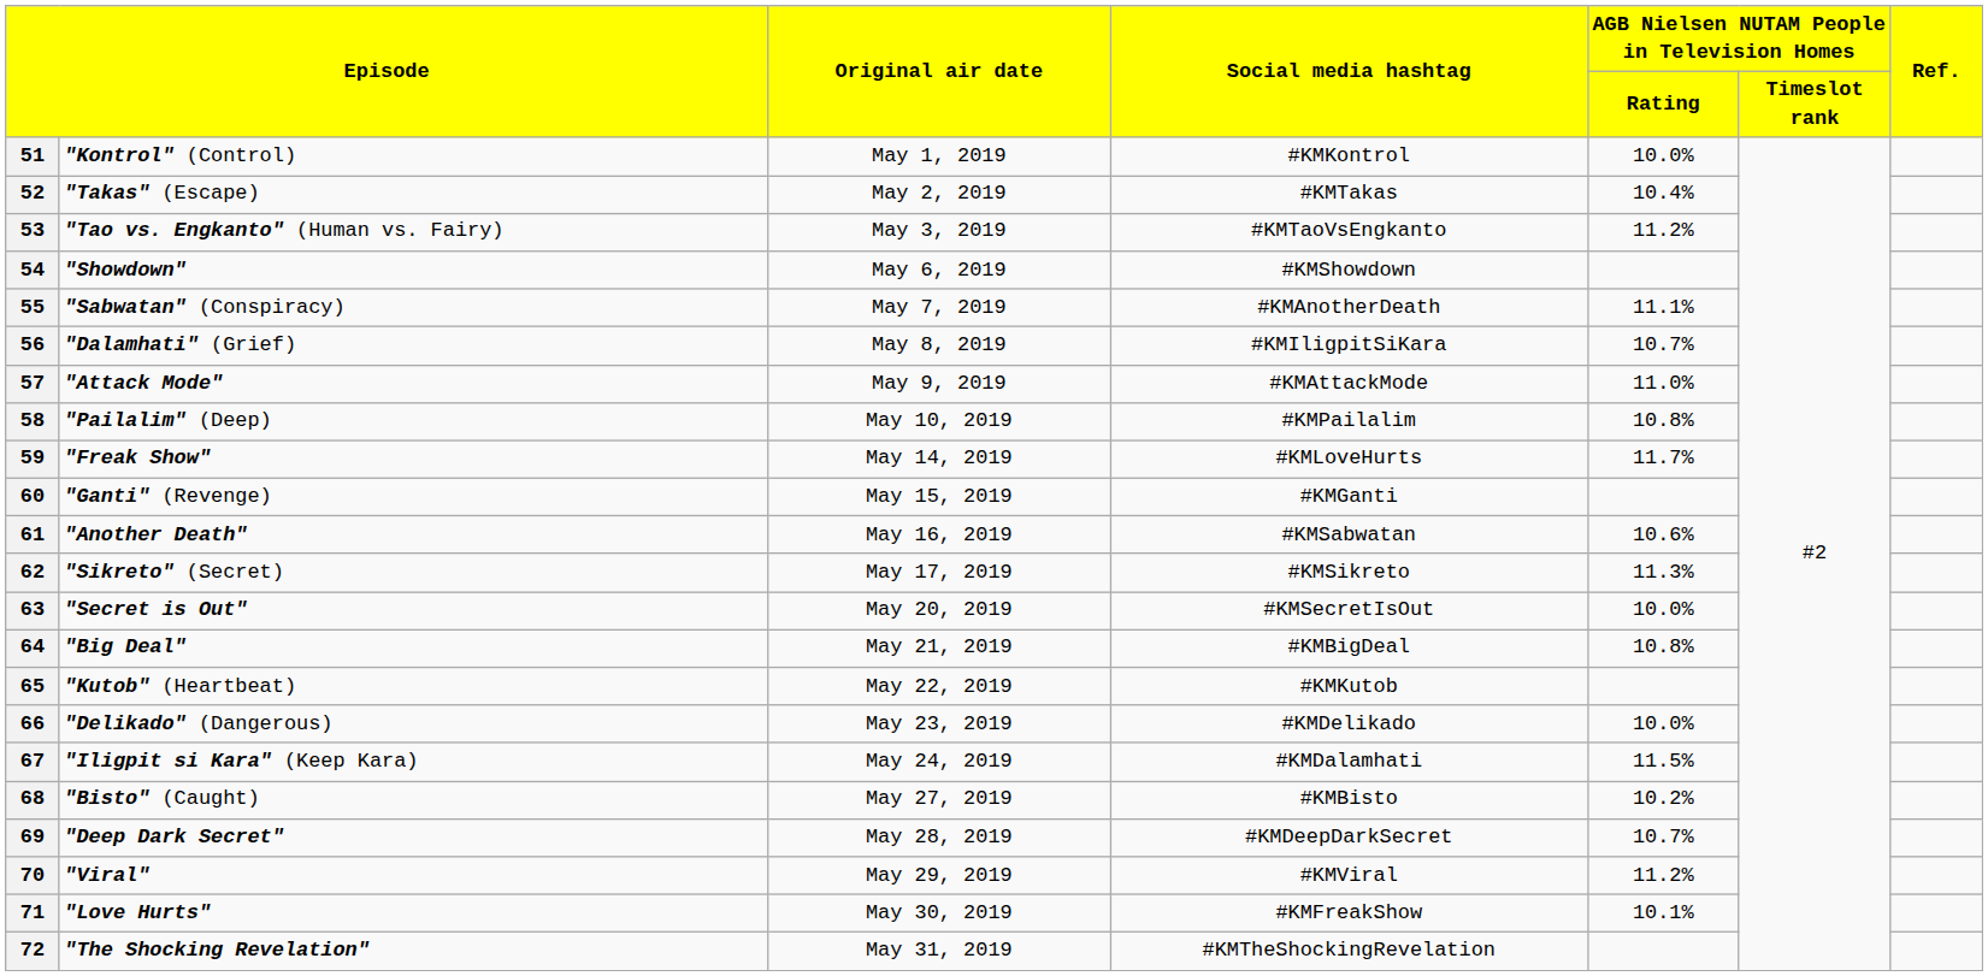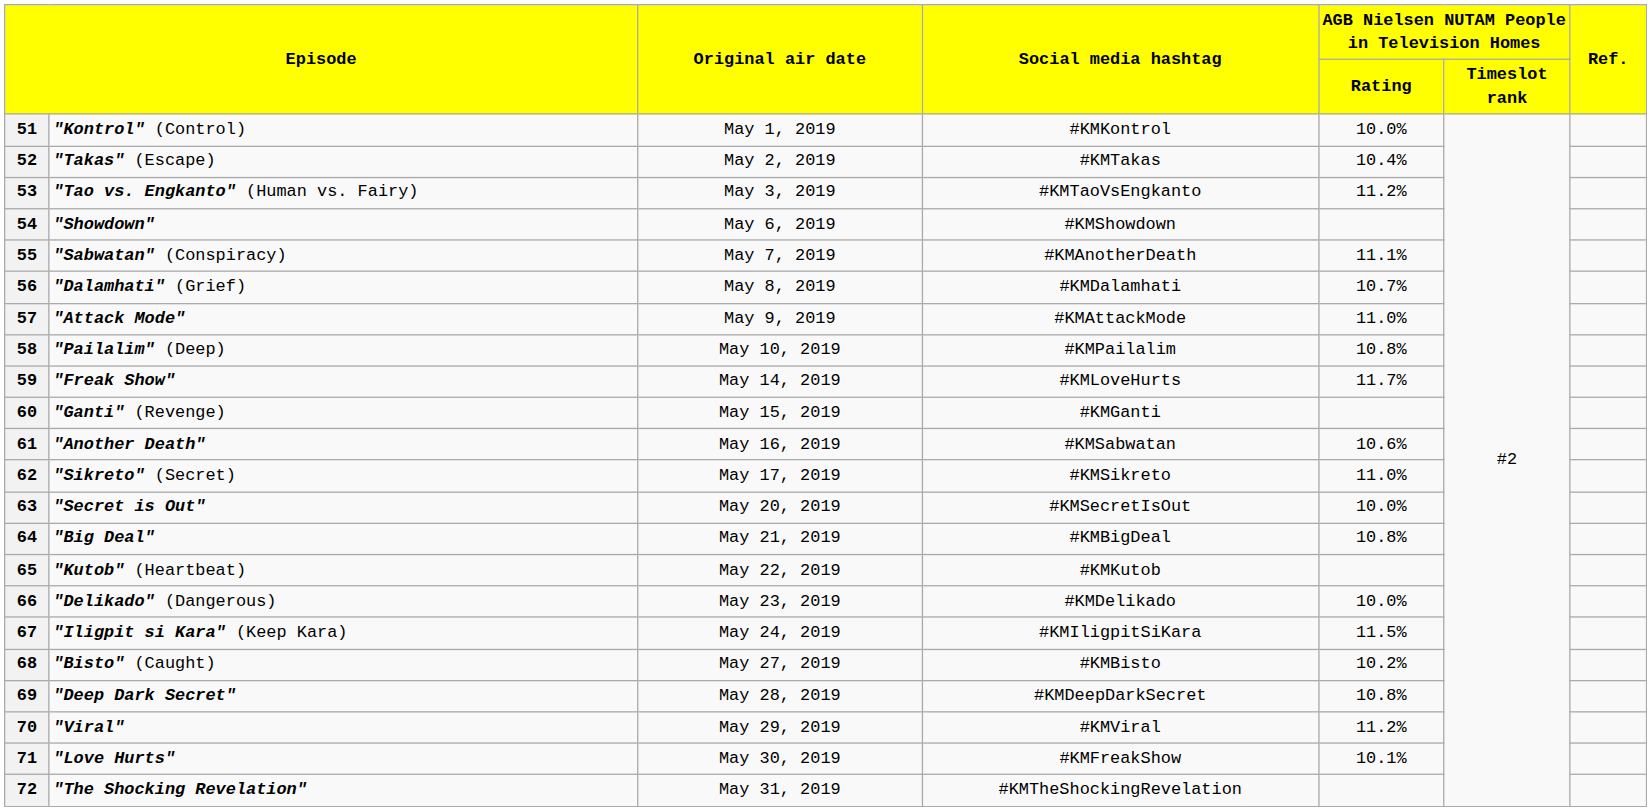 <table class="wikitable" style="text-align:center; font-size:100%; line-height:18px; width:100%">
 <tr>
 <th style="background-color:#FFFF00; color:#000000;" colspan="2" rowspan="2">Episode</th>
 <th style="background-color:#FFFF00; color:#000000;" rowspan="2">Original air date</th>
 <th style="background-color:#FFFF00; color:black" rowspan="2">Social media hashtag</th>
 <th style="background-color:#FFFF00; color:#000000;" colspan="2">AGB Nielsen NUTAM People in Television Homes</th>
 <th style="background-color:#FFFF00;  color:#000000;" rowspan="2">Ref.</th>
 </tr>
 <tr>
 <th style="background-color:#FFFF00; width:75px; color:#000000;">Rating</th>
 <th style="background-color:#FFFF00; width:75px; color:#000000;">Timeslot<br>rank</th>
 </tr>
 <tr>
 <th>51</th>
 <td style="text-align: left;"><strong><em>"Kontrol"</em></strong> (Control)</td>
 <td>May 1, 2019</td>
 <td>#KMKontrol</td>
 <td>10.0%</td>
 <td rowspan="22">#2</td>
 <td></td>
 </tr>
 <tr>
 <th>52</th>
 <td style="text-align: left;"><strong><em>"Takas"</em></strong> (Escape)</td>
 <td>May 2, 2019</td>
 <td>#KMTakas</td>
 <td>10.4%</td>
 <td></td>
 </tr>
 <tr>
 <th>53</th>
 <td style="text-align: left;"><strong><em>"Tao vs. Engkanto"</em></strong> (Human vs. Fairy)</td>
 <td>May 3, 2019</td>
 <td>#KMTaoVsEngkanto</td>
 <td>11.2%</td>
 <td></td>
 </tr>
 <tr>
 <th>54</th>
 <td style="text-align: left;"><strong><em>"Showdown"</em></strong></td>
 <td>May 6, 2019</td>
 <td>#KMShowdown</td>
 <td></td>
 <td></td>
 </tr>
 <tr>
 <th>55</th>
 <td style="text-align: left;"><strong><em>"Sabwatan"</em></strong> (Conspiracy)</td>
 <td>May 7, 2019</td>
 <td>#KMAnotherDeath</td>
 <td>11.1%</td>
 <td></td>
 </tr>
 <tr>
 <th>56</th>
 <td style="text-align: left;"><strong><em>"Dalamhati"</em></strong> (Grief)</td>
 <td>May 8, 2019</td>
-<td>#KMIligpitSiKara</td>
+<td>#KMDalamhati</td>
 <td>10.7%</td>
 <td></td>
 </tr>
 <tr>
 <th>57</th>
 <td style="text-align: left;"><strong><em>"Attack Mode"</em></strong></td>
 <td>May 9, 2019</td>
 <td>#KMAttackMode</td>
 <td>11.0%</td>
 <td></td>
 </tr>
 <tr>
 <th>58</th>
 <td style="text-align: left;"><strong><em>"Pailalim"</em></strong> (Deep)</td>
 <td>May 10, 2019</td>
 <td>#KMPailalim</td>
 <td>10.8%</td>
 <td></td>
 </tr>
 <tr>
 <th>59</th>
 <td style="text-align: left;"><strong><em>"Freak Show"</em></strong></td>
 <td>May 14, 2019</td>
 <td>#KMLoveHurts</td>
 <td>11.7%</td>
 <td></td>
 </tr>
 <tr>
 <th>60</th>
 <td style="text-align: left;"><strong><em>"Ganti"</em></strong> (Revenge)</td>
 <td>May 15, 2019</td>
 <td>#KMGanti</td>
 <td></td>
 <td></td>
 </tr>
 <tr>
 <th>61</th>
 <td style="text-align: left;"><strong><em>"Another Death"</em></strong></td>
 <td>May 16, 2019</td>
 <td>#KMSabwatan</td>
 <td>10.6%</td>
 <td></td>
 </tr>
 <tr>
 <th>62</th>
 <td style="text-align: left;"><strong><em>"Sikreto"</em></strong> (Secret)</td>
 <td>May 17, 2019</td>
 <td>#KMSikreto</td>
-<td>11.3%</td>
+<td>11.0%</td>
 <td></td>
 </tr>
 <tr>
 <th>63</th>
 <td style="text-align: left;"><strong><em>"Secret is Out"</em></strong></td>
 <td>May 20, 2019</td>
 <td>#KMSecretIsOut</td>
 <td>10.0%</td>
 <td></td>
 </tr>
 <tr>
 <th>64</th>
 <td style="text-align: left;"><strong><em>"Big Deal"</em></strong></td>
 <td>May 21, 2019</td>
 <td>#KMBigDeal</td>
 <td>10.8%</td>
 <td></td>
 </tr>
 <tr>
 <th>65</th>
 <td style="text-align: left;"><strong><em>"Kutob"</em></strong> (Heartbeat)</td>
 <td>May 22, 2019</td>
 <td>#KMKutob</td>
 <td></td>
 <td></td>
 </tr>
 <tr>
 <th>66</th>
 <td style="text-align: left;"><strong><em>"Delikado"</em></strong> (Dangerous)</td>
 <td>May 23, 2019</td>
 <td>#KMDelikado</td>
 <td>10.0%</td>
 <td></td>
 </tr>
 <tr>
 <th>67</th>
 <td style="text-align: left;"><strong><em>"Iligpit si Kara"</em></strong> (Keep Kara)</td>
 <td>May 24, 2019</td>
-<td>#KMDalamhati</td>
+<td>#KMIligpitSiKara</td>
 <td>11.5%</td>
 <td></td>
 </tr>
 <tr>
 <th>68</th>
 <td style="text-align: left;"><strong><em>"Bisto"</em></strong> (Caught)</td>
 <td>May 27, 2019</td>
 <td>#KMBisto</td>
 <td>10.2%</td>
 <td></td>
 </tr>
 <tr>
 <th>69</th>
 <td style="text-align: left;"><strong><em>"Deep Dark Secret"</em></strong></td>
 <td>May 28, 2019</td>
 <td>#KMDeepDarkSecret</td>
-<td>10.7%</td>
+<td>10.8%</td>
 <td></td>
 </tr>
 <tr>
 <th>70</th>
 <td style="text-align: left;"><strong><em>"Viral"</em></strong></td>
 <td>May 29, 2019</td>
 <td>#KMViral</td>
 <td>11.2%</td>
 <td></td>
 </tr>
 <tr>
 <th>71</th>
 <td style="text-align: left;"><strong><em>"Love Hurts"</em></strong></td>
 <td>May 30, 2019</td>
 <td>#KMFreakShow</td>
 <td>10.1%</td>
 <td></td>
 </tr>
 <tr>
 <th>72</th>
 <td style="text-align: left;"><strong><em>"The Shocking Revelation"</em></strong></td>
 <td>May 31, 2019</td>
 <td>#KMTheShockingRevelation</td>
 <td></td>
 <td></td>
 </tr>
 <tr>
 </tr>
 </table>
